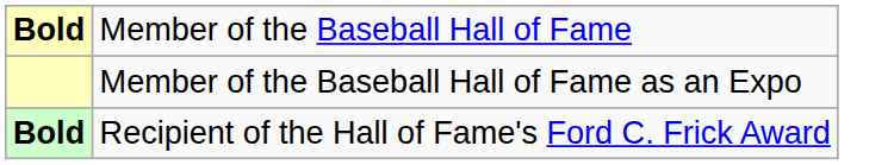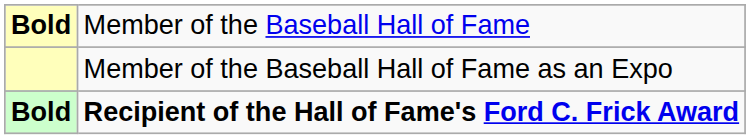 <table class="wikitable">
 <tr>
 <th scope="row" style="background:#ffb;"><strong>Bold</strong></th>
 <td>Member of the <a href='#'>Baseball Hall of Fame</a></td>
 </tr>
 <tr>
 <th scope="row" style="background:#ffb;"></th>
 <td>Member of the Baseball Hall of Fame as an Expo</td>
 </tr>
 <tr>
 <th scope="row" style="background:#cfc;"><strong>Bold</strong></th>
-<td>Recipient of the Hall of Fame's <a href='#'>Ford C. Frick Award</a></td>
+<td><strong>Recipient of the Hall of Fame's <a href='#'>Ford C. Frick Award</a></strong></td>
 </tr>
 </table>
